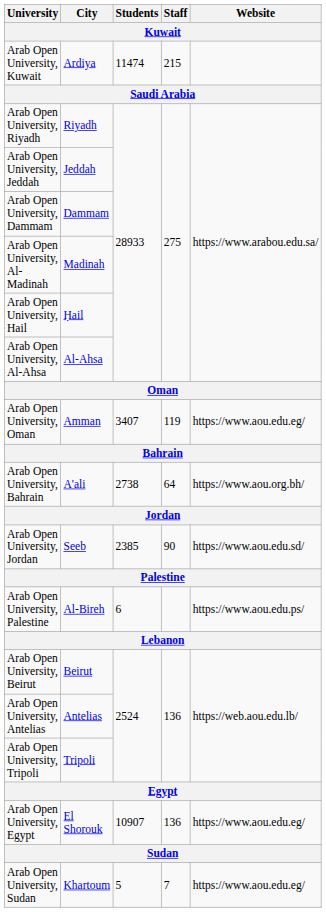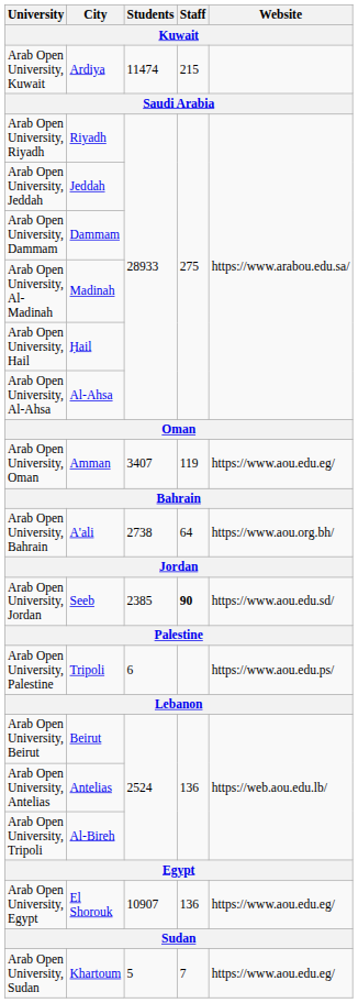 <table class="wikitable" width="40%">
 <tr>
 <th>University</th>
 <th>City</th>
 <th>Students</th>
 <th>Staff</th>
 <th><strong>Website</strong></th>
 </tr>
 <tr>
 <th colspan="5"><a href='#'>Kuwait</a></th>
 </tr>
 <tr>
 <td>Arab Open University, Kuwait</td>
 <td><a href='#'>Ardiya</a></td>
 <td>11474</td>
 <td>215</td>
 <td></td>
 </tr>
 <tr>
 <th colspan="5"><a href='#'>Saudi Arabia</a></th>
 </tr>
 <tr>
 <td>Arab Open University, Riyadh</td>
 <td><a href='#'>Riyadh</a></td>
 <td rowspan="6">28933</td>
 <td rowspan="6">275</td>
 <td rowspan="6">https://www.arabou.edu.sa/</td>
 </tr>
 <tr>
 <td>Arab Open University, Jeddah</td>
 <td><a href='#'>Jeddah</a></td>
 </tr>
 <tr>
 <td>Arab Open University, Dammam</td>
 <td><a href='#'>Dammam</a></td>
 </tr>
 <tr>
 <td>Arab Open University, Al-Madinah</td>
 <td><a href='#'>Madinah</a></td>
 </tr>
 <tr>
 <td>Arab Open University, Hail</td>
 <td><a href='#'>Ḥail</a></td>
 </tr>
 <tr>
 <td>Arab Open University, Al-Ahsa</td>
 <td><a href='#'>Al-Ahsa</a></td>
 </tr>
 <tr>
 <th colspan="5"><a href='#'>Oman</a></th>
 </tr>
 <tr>
 <td>Arab Open University, Oman</td>
 <td><a href='#'>Amman</a></td>
 <td>3407</td>
 <td>119</td>
 <td>https://www.aou.edu.eg/</td>
 </tr>
 <tr>
 <th colspan="5"><a href='#'>Bahrain</a></th>
 </tr>
 <tr>
 <td>Arab Open University, Bahrain</td>
 <td><a href='#'>A'ali</a></td>
 <td>2738</td>
 <td>64</td>
 <td>https://www.aou.org.bh/</td>
 </tr>
 <tr>
 <th colspan="5"><a href='#'>Jordan</a></th>
 </tr>
 <tr>
 <td>Arab Open University, Jordan</td>
 <td><a href='#'>Seeb</a></td>
 <td>2385</td>
-<td>90</td>
+<td><strong>90</strong></td>
 <td>https://www.aou.edu.sd/</td>
 </tr>
 <tr>
 <th colspan="5"><a href='#'>Palestine</a></th>
 </tr>
 <tr>
 <td>Arab Open University, Palestine</td>
-<td><a href='#'>Al-Bireh</a></td>
+<td><a href='#'>Tripoli</a></td>
 <td>6</td>
 <td></td>
 <td>https://www.aou.edu.ps/</td>
 </tr>
 <tr>
 <th colspan="5"><a href='#'>Lebanon</a></th>
 </tr>
 <tr>
 <td>Arab Open University, Beirut</td>
 <td><a href='#'>Beirut</a></td>
 <td rowspan="3">2524</td>
 <td rowspan="3">136</td>
 <td rowspan="3">https://web.aou.edu.lb/</td>
 </tr>
 <tr>
 <td>Arab Open University, Antelias</td>
 <td><a href='#'>Antelias</a></td>
 </tr>
 <tr>
 <td>Arab Open University, Tripoli</td>
-<td><a href='#'>Tripoli</a></td>
+<td><a href='#'>Al-Bireh</a></td>
 </tr>
 <tr>
 <th colspan="5"><a href='#'>Egypt</a></th>
 </tr>
 <tr>
 <td>Arab Open University, Egypt</td>
 <td><a href='#'>El Shorouk</a></td>
 <td>10907</td>
 <td>136</td>
 <td>https://www.aou.edu.eg/</td>
 </tr>
 <tr>
 <th colspan="5"><a href='#'>Sudan</a></th>
 </tr>
 <tr>
 <td>Arab Open University, Sudan</td>
 <td><a href='#'>Khartoum</a></td>
 <td>5</td>
 <td>7</td>
 <td>https://www.aou.edu.eg/</td>
 </tr>
 </table>
